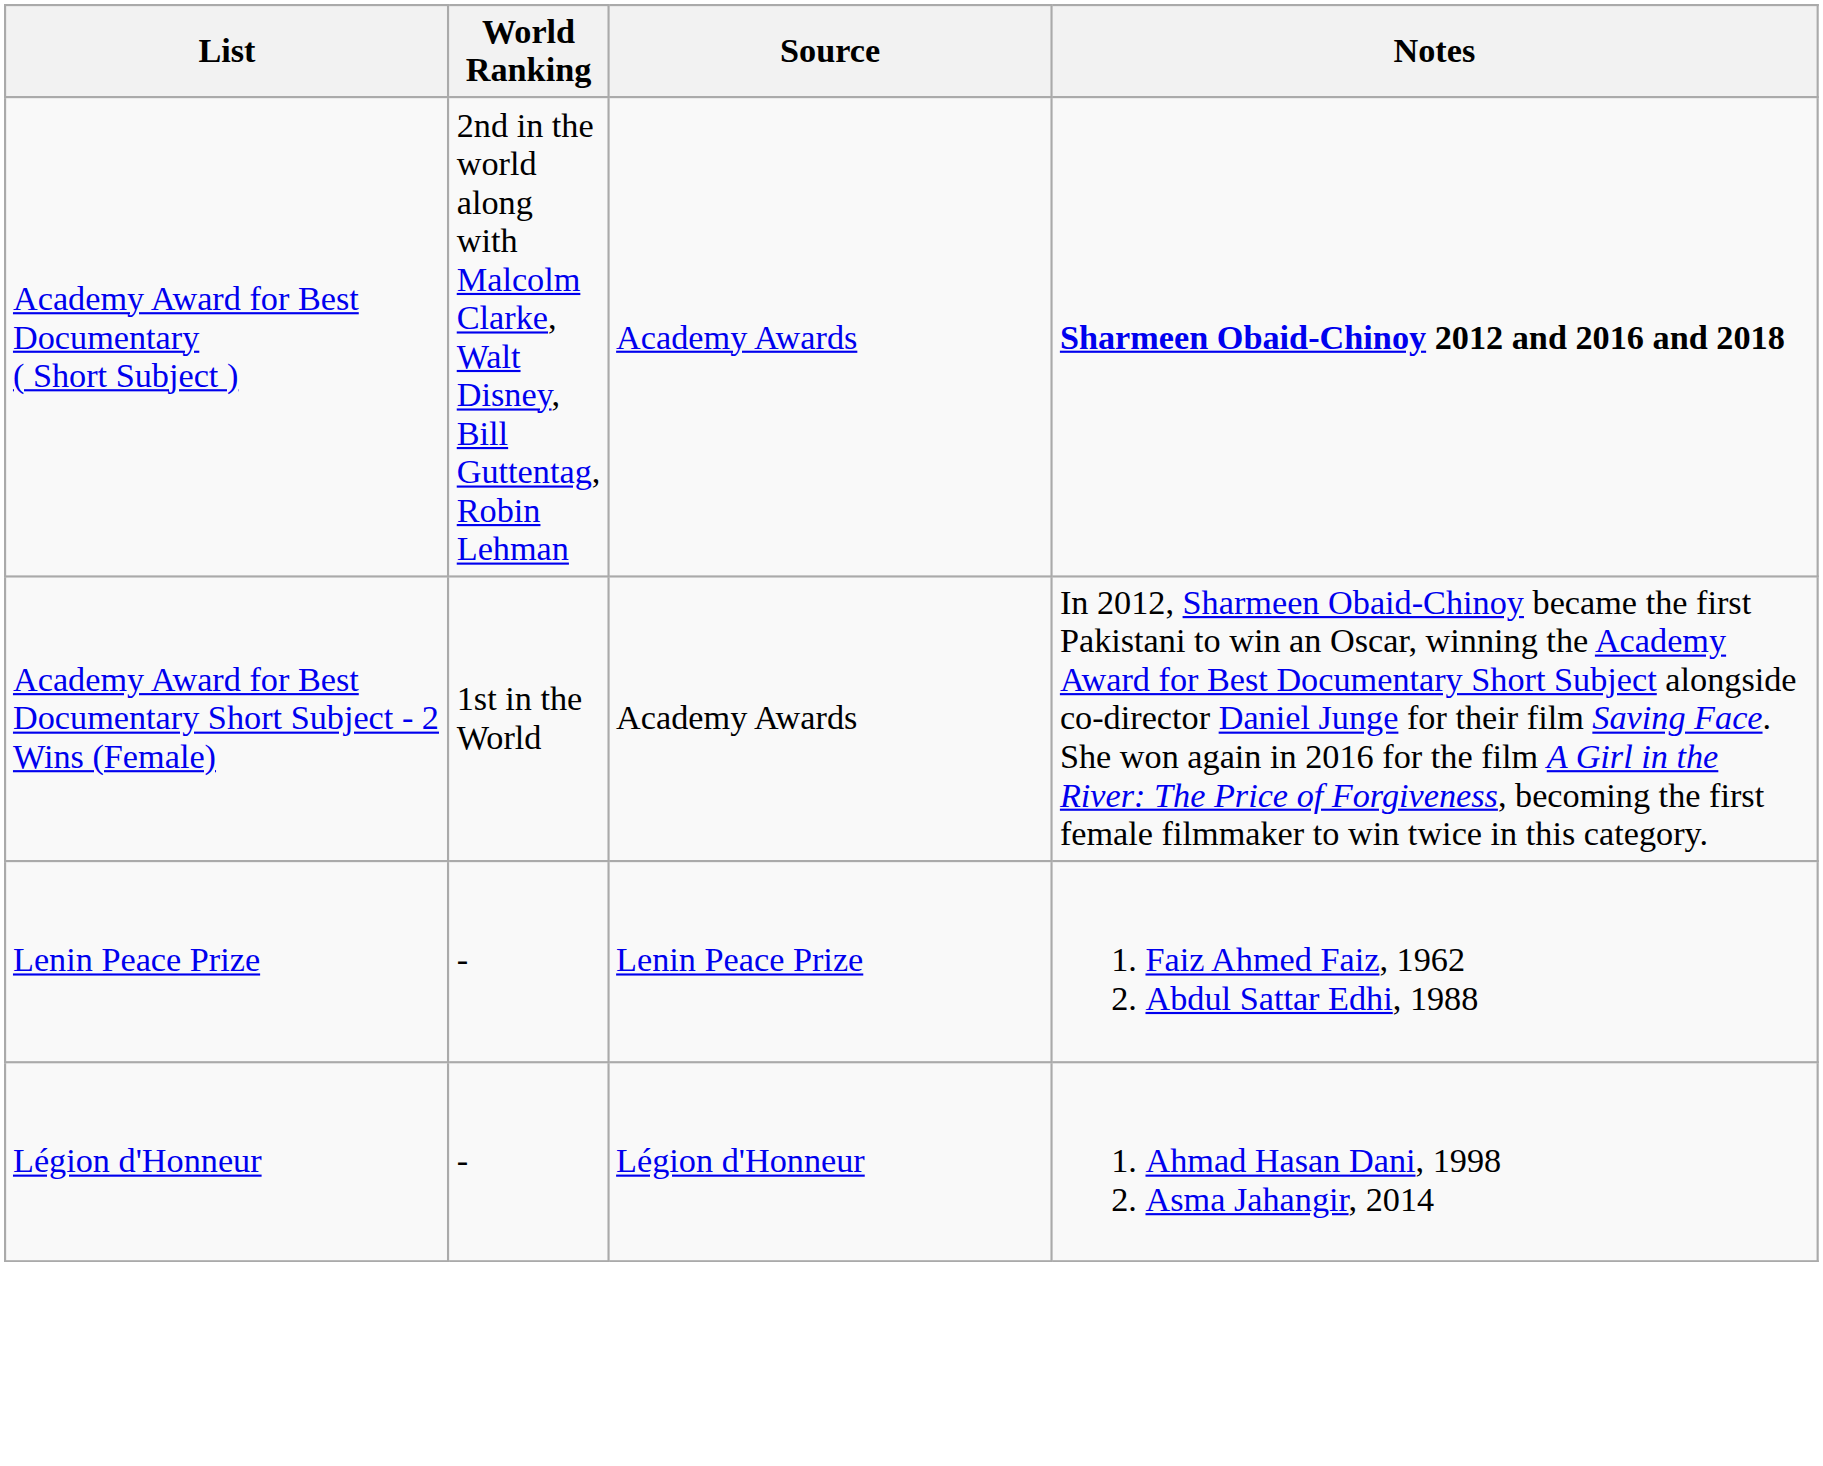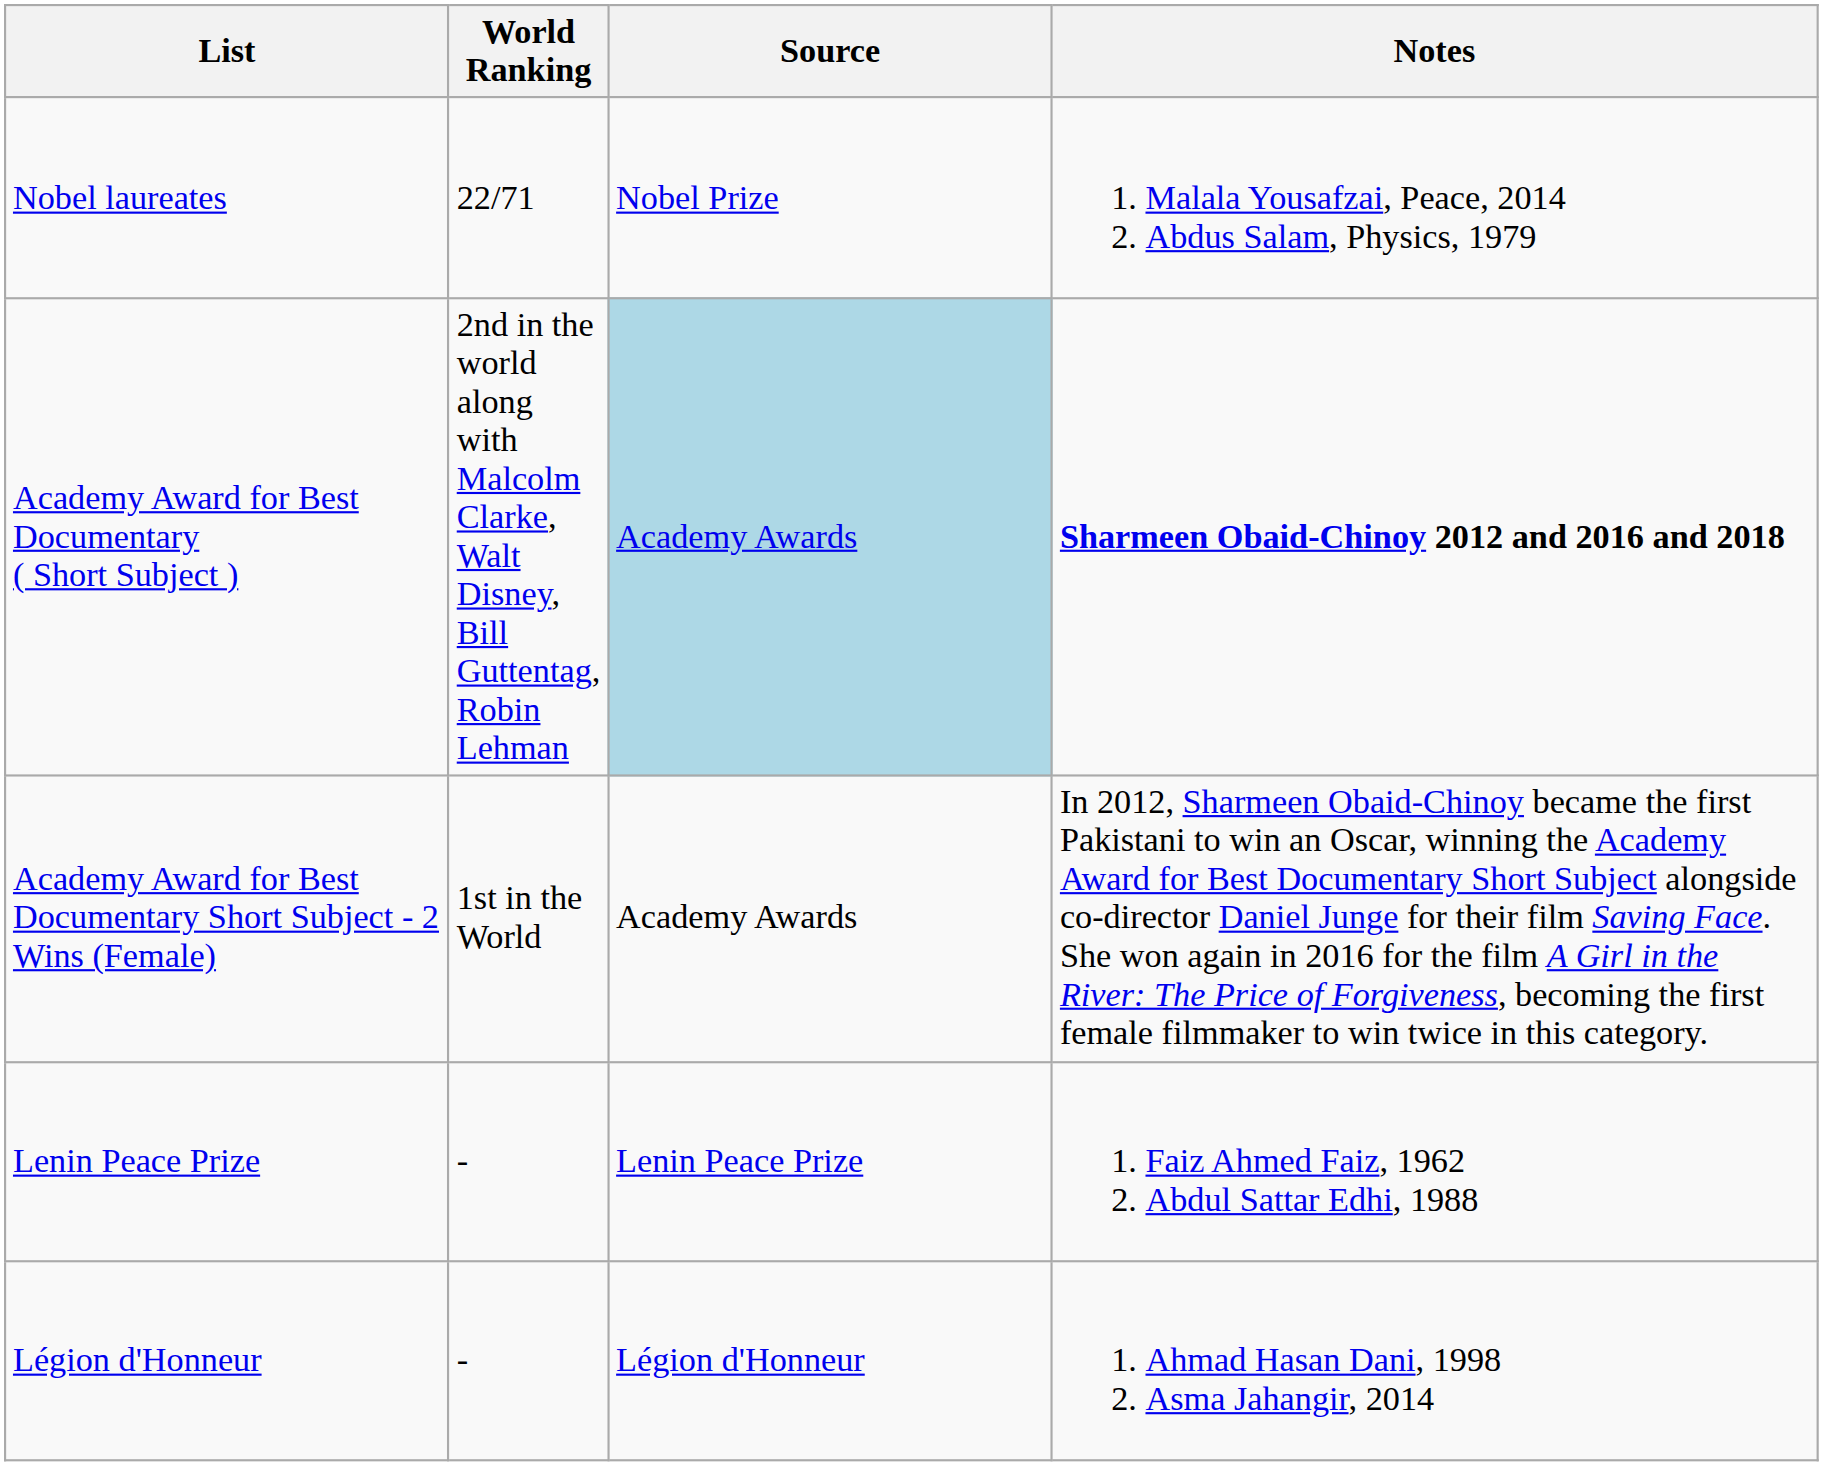 <table class="wikitable">
 <tr>
 <th style="width:200px;">List</th>
 <th width="1">World Ranking</th>
 <th style="width:200px;">Source</th>
 <th style="width:350px;">Notes</th>
 </tr>
 <tr>
+<td><a href='#'>Nobel laureates</a></td>
+<td>22/71</td>
+<td><a href='#'>Nobel Prize</a></td>
+<td><br><ol><li><a href='#'>Malala Yousafzai</a>, Peace, 2014</li><li><a href='#'>Abdus Salam</a>, Physics, 1979</li></ol></td>
+</tr>
+<tr>
 <td><a href='#'>Academy Award for Best Documentary</a><br><a href='#'>( Short Subject )</a></td>
 <td>2nd in the world along with <a href='#'>Malcolm Clarke</a>, <a href='#'>Walt Disney</a>, <a href='#'>Bill Guttentag</a>, <a href='#'>Robin Lehman</a></td>
-<td><a href='#'>Academy Awards</a></td>
+<td style="background: lightblue;"><a href='#'>Academy Awards</a></td>
 <td><strong><a href='#'>Sharmeen Obaid-Chinoy</a> 2012 and 2016 and 2018</strong></td>
 </tr>
 <tr>
 <td><a href='#'>Academy Award for Best Documentary Short Subject - 2 Wins (Female)</a></td>
 <td>1st in the World</td>
 <td>Academy Awards</td>
 <td>In 2012, <a href='#'>Sharmeen Obaid-Chinoy</a> became the first Pakistani to win an Oscar, winning the <a href='#'>Academy Award for Best Documentary Short Subject</a> alongside co-director <a href='#'>Daniel Junge</a> for their film <em><a href='#'>Saving Face</a></em>. She won again in 2016 for the film <em><a href='#'>A Girl in the River: The Price of Forgiveness</a></em>, becoming the first female filmmaker to win twice in this category.</td>
 </tr>
 <tr>
 <td><a href='#'>Lenin Peace Prize</a></td>
 <td>-</td>
 <td><a href='#'>Lenin Peace Prize</a></td>
 <td><br><ol><li><a href='#'>Faiz Ahmed Faiz</a>, 1962</li><li><a href='#'>Abdul Sattar Edhi</a>, 1988</li></ol></td>
 </tr>
 <tr>
 <td><a href='#'>Légion d'Honneur</a></td>
 <td>-</td>
 <td><a href='#'>Légion d'Honneur</a></td>
 <td><br><ol><li><a href='#'>Ahmad Hasan Dani</a>, 1998</li><li><a href='#'>Asma Jahangir</a>, 2014</li></ol></td>
 </tr>
 </table>
